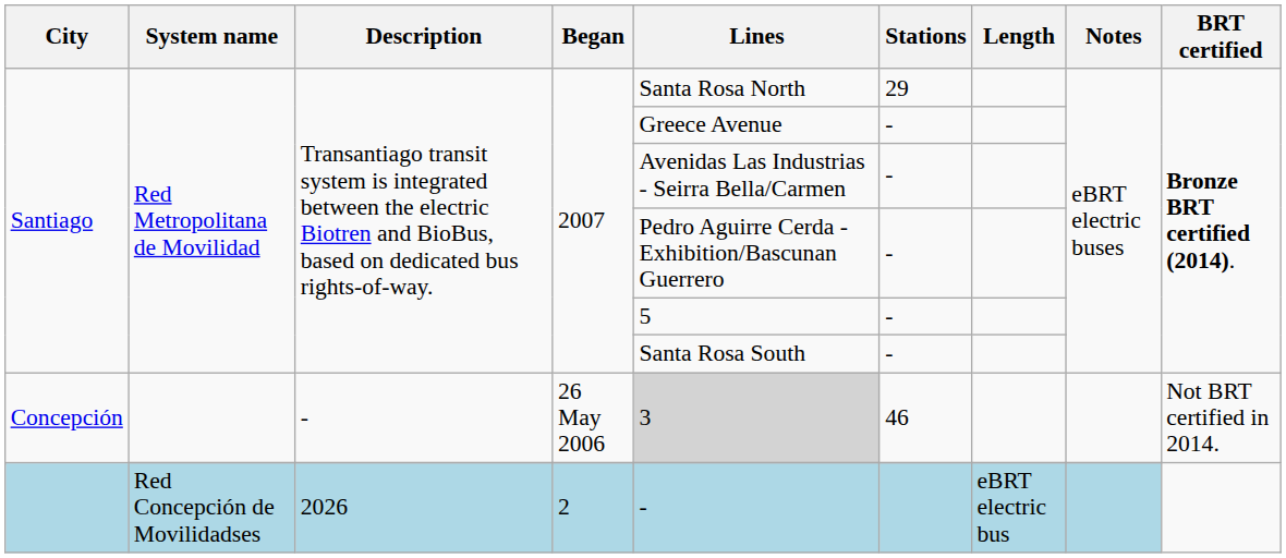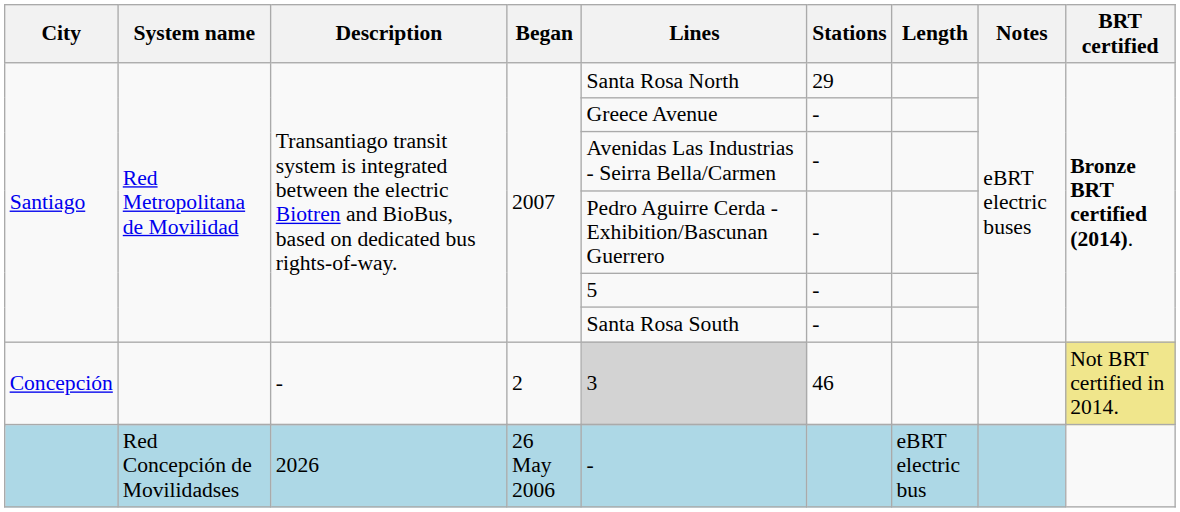 <table class="wikitable">
 <tr>
 <th>City</th>
 <th>System name</th>
 <th>Description</th>
 <th>Began</th>
 <th>Lines</th>
 <th>Stations</th>
 <th>Length</th>
 <th>Notes</th>
 <th>BRT certified</th>
 </tr>
 <tr>
 <td rowspan="6"><a href='#'>Santiago</a></td>
 <td rowspan="6"><a href='#'>Red Metropolitana de Movilidad</a></td>
 <td rowspan="6">Transantiago transit system is integrated between the electric <a href='#'>Biotren</a> and BioBus, based on dedicated bus rights-of-way.</td>
 <td rowspan="6">2007</td>
 <td>Santa Rosa North</td>
 <td>29</td>
 <td></td>
 <td rowspan="6">eBRT electric buses</td>
 <td rowspan="6"><strong>Bronze BRT certified (2014)</strong>.</td>
 </tr>
 <tr>
 <td>Greece Avenue</td>
 <td>-</td>
 <td></td>
 </tr>
 <tr>
 <td>Avenidas Las Industrias - Seirra Bella/Carmen</td>
 <td>-</td>
 <td></td>
 </tr>
 <tr>
 <td>Pedro Aguirre Cerda - Exhibition/Bascunan Guerrero</td>
 <td>-</td>
 <td></td>
 </tr>
 <tr>
 <td>5</td>
 <td>-</td>
 <td></td>
 </tr>
 <tr>
 <td>Santa Rosa South</td>
 <td>-</td>
 <td></td>
 </tr>
 <tr>
 <td rowspan=2><a href='#'>Concepción</a></td>
 <td></td>
 <td>-</td>
-<td>26 May 2006</td>
+<td>2</td>
 <td style="background: lightgrey;">3</td>
 <td>46</td>
 <td></td>
 <td></td>
-<td>Not BRT certified in 2014.</td>
+<td style="background: khaki;">Not BRT certified in 2014.</td>
 </tr>
 <tr>
 </tr>
 <tr style="background:lightblue;">
 <td></td>
 <td>Red Concepción de Movilidadses</td>
 <td>2026</td>
-<td>2</td>
+<td>26 May 2006</td>
 <td>-</td>
 <td></td>
 <td>eBRT electric bus</td>
 <td></td>
 </tr>
 </table>
